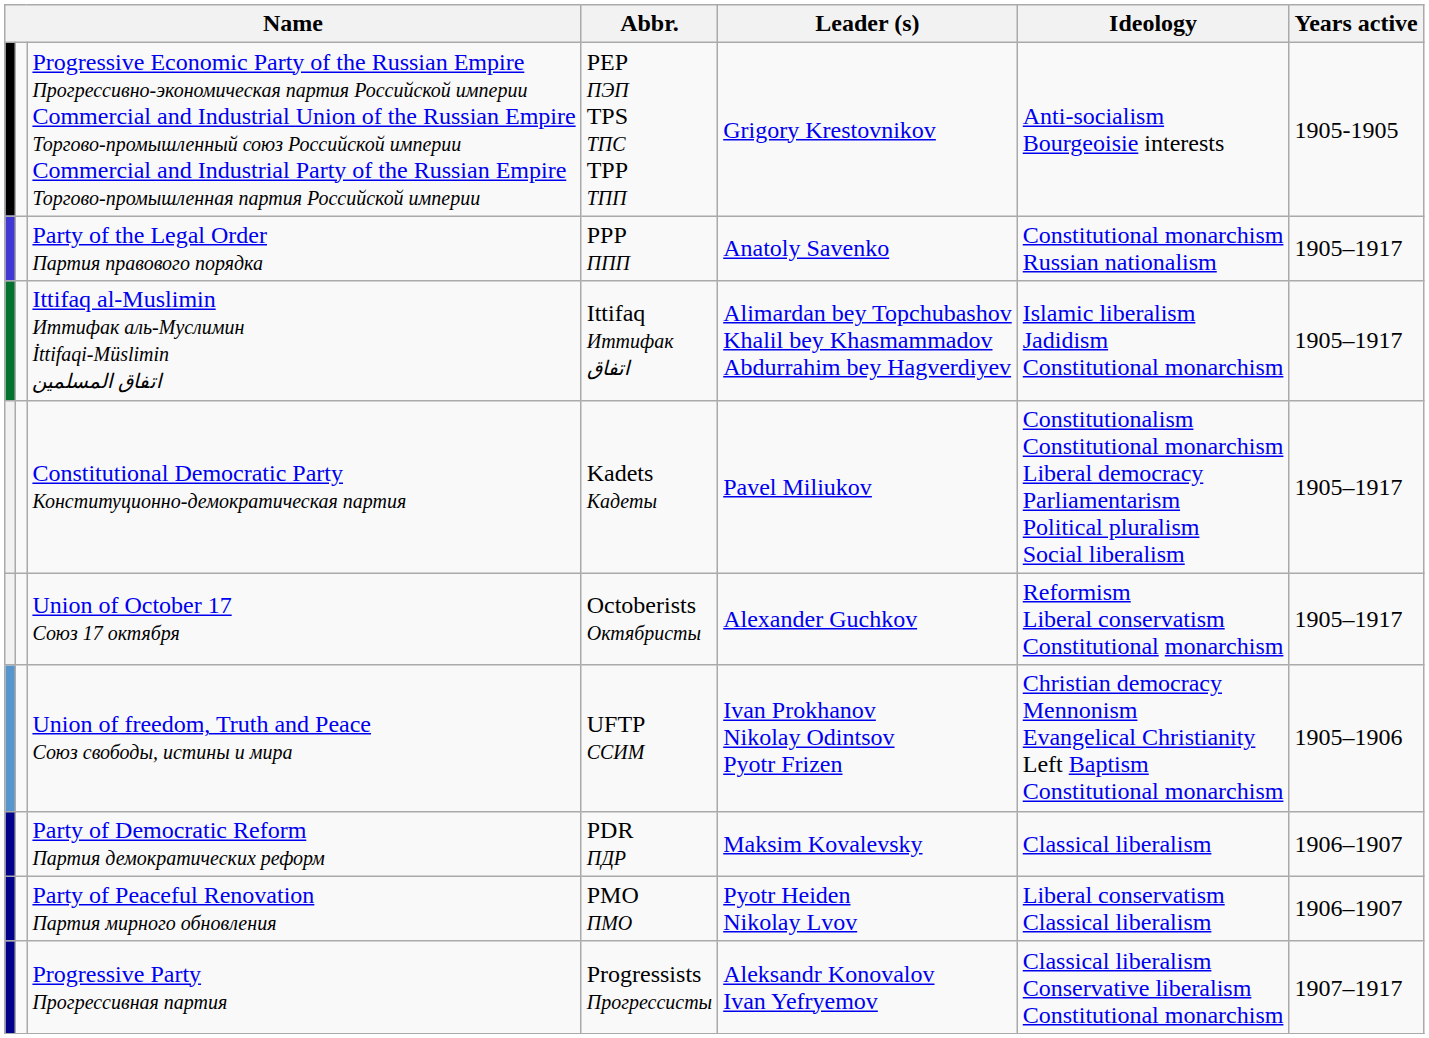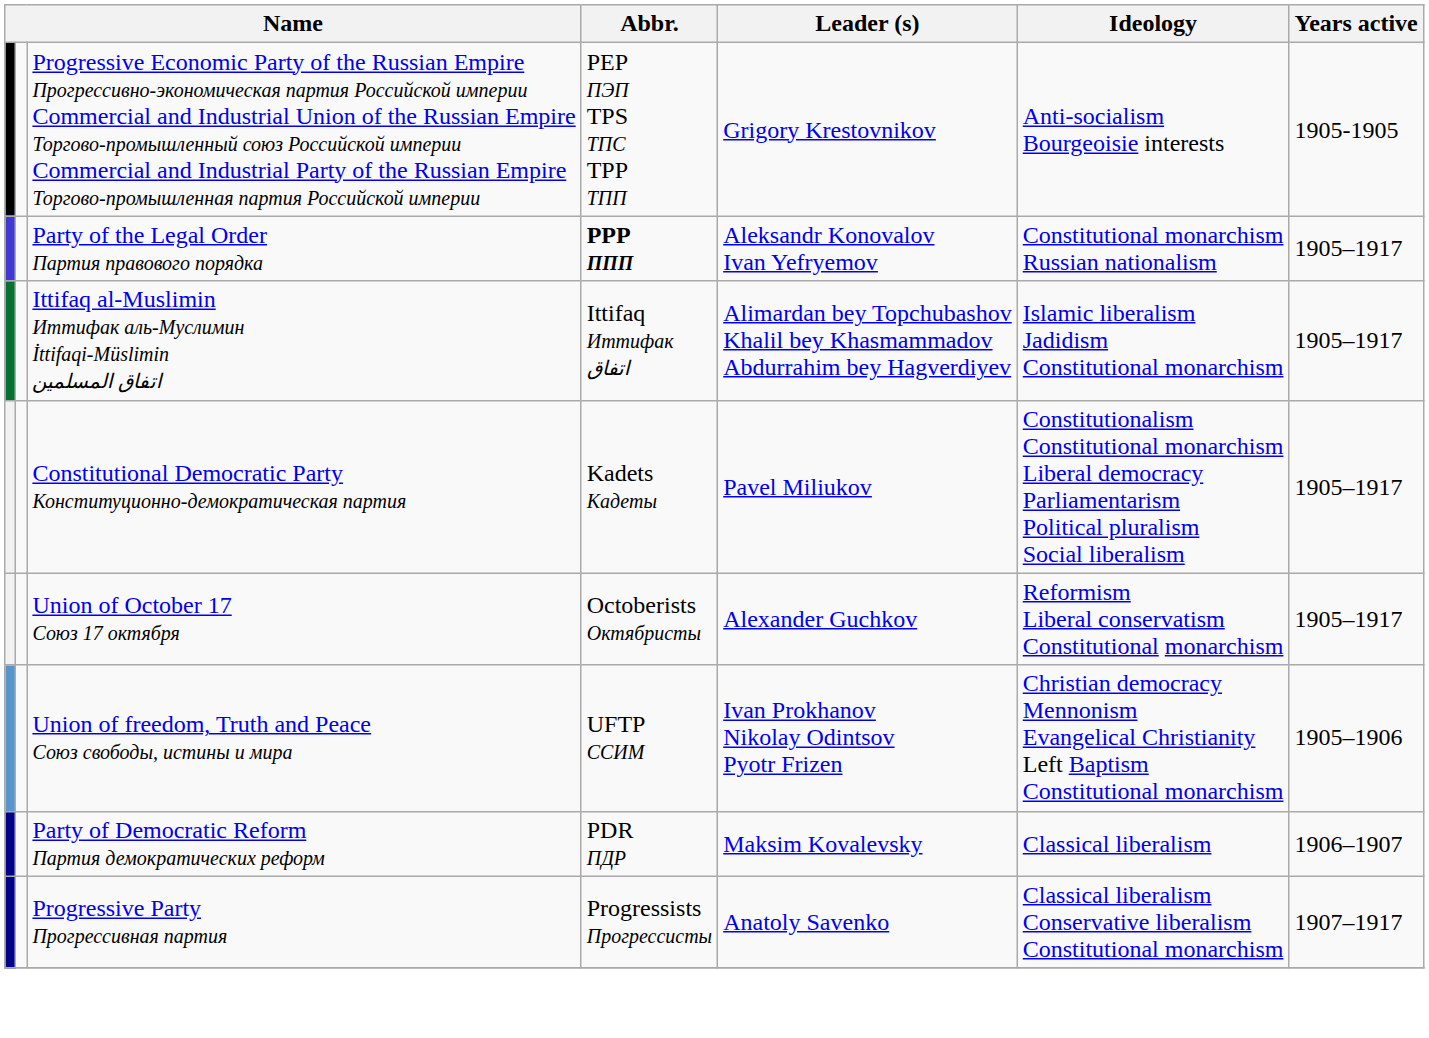 <table class="wikitable sortable">
 <tr>
 <th colspan=3>Name</th>
 <th>Abbr.</th>
 <th>Leader (s)</th>
 <th>Ideology</th>
 <th>Years active</th>
 </tr>
 <tr>
 <th style="background:#000000;"></th>
 <td></td>
 <td><a href='#'>Progressive Economic Party of the Russian Empire</a><br><small><em>Прогрессивно-экономическая партия Российской империи</em></small><br><a href='#'>Commercial and Industrial Union of the Russian Empire</a><br><small><em>Торгово-промышленный союз Российской империи</em></small><br><a href='#'>Commercial and Industrial Party of the Russian Empire</a><br><small><em>Торгово-промышленная партия Российской империи</em></small></td>
 <td>PEP<br><small><em>ПЭП</em></small><br>TPS<br><small><em>ТПС</em></small><br>TPP<br><small><em>ТПП</em></small></td>
 <td><a href='#'>Grigory Krestovnikov</a></td>
 <td><a href='#'>Anti-socialism</a><br><a href='#'>Bourgeoisie</a> interests</td>
 <td>1905-1905</td>
 </tr>
 <tr>
 <th style="background:#4137D3;"></th>
 <td></td>
 <td><a href='#'>Party of the Legal Order</a><br><small><em>Партия правового порядка</em></small></td>
-<td>PPP<br><small><em>ППП</em></small></td>
-<td><a href='#'>Anatoly Savenko</a></td>
+<td><strong>PPP<br><small><em>ППП</em></small></strong></td>
+<td><a href='#'>Aleksandr Konovalov</a><br><a href='#'>Ivan Yefryemov</a></td>
 <td><a href='#'>Constitutional monarchism</a><br><a href='#'>Russian nationalism</a></td>
 <td>1905–1917</td>
 </tr>
 <tr>
 <th style="background:#03722E;"></th>
 <td></td>
 <td><a href='#'>Ittifaq al-Muslimin</a><br><small><em>Иттифак аль-Муслимин<br>İttifaqi-Müslimin<br>اتفاق المسلمين</em></small></td>
 <td>Ittifaq<br><small><em>Иттифак<br>اتفاق</em></small></td>
 <td><a href='#'>Alimardan bey Topchubashov</a><br><a href='#'>Khalil bey Khasmammadov</a><br><a href='#'>Abdurrahim bey Hagverdiyev</a></td>
 <td><a href='#'>Islamic liberalism</a><br><a href='#'>Jadidism</a><br><a href='#'>Constitutional monarchism</a></td>
 <td>1905–1917</td>
 </tr>
 <tr>
 <th style="background:"></th>
 <td></td>
 <td><a href='#'>Constitutional Democratic Party</a><br><small><em>Конституционно-демократическая партия</em></small></td>
 <td>Kadets<br><small><em>Кадеты</em></small></td>
 <td><a href='#'>Pavel Miliukov</a></td>
 <td><a href='#'>Constitutionalism</a><br><a href='#'>Constitutional monarchism</a><br><a href='#'>Liberal democracy</a><br><a href='#'>Parliamentarism</a><br><a href='#'>Political pluralism</a><br><a href='#'>Social liberalism</a></td>
 <td>1905–1917</td>
 </tr>
 <tr>
 <th style="background:"></th>
 <td></td>
 <td><a href='#'>Union of October 17</a><br><small><em>Союз 17 октября</em></small></td>
 <td>Octoberists<br><small><em>Октябристы</em></small></td>
 <td><a href='#'>Alexander Guchkov</a></td>
 <td><a href='#'>Reformism</a><br><a href='#'>Liberal conservatism</a><br><a href='#'>Constitutional</a> <a href='#'>monarchism</a></td>
 <td>1905–1917</td>
 </tr>
 <tr>
 <th style="background:#5796CC;"></th>
 <td></td>
 <td><a href='#'>Union of freedom, Truth and Peace</a><br><small><em>Союз свободы, истины и мира</em></small></td>
 <td>UFTP<br><small><em>ССИМ</em></small></td>
 <td><a href='#'>Ivan Prokhanov</a><br><a href='#'>Nikolay Odintsov</a><br><a href='#'>Pyotr Frizen</a></td>
 <td><a href='#'>Christian democracy</a><br><a href='#'>Mennonism</a><br><a href='#'>Evangelical Christianity</a><br>Left <a href='#'>Baptism</a><br><a href='#'>Constitutional monarchism</a></td>
 <td>1905–1906</td>
 </tr>
 <tr>
 <th style="background:#00008B;"></th>
 <td></td>
 <td><a href='#'>Party of Democratic Reform</a><br><small><em>Партия демократических реформ</em></small></td>
 <td>PDR<br><small><em>ПДР</em></small></td>
 <td><a href='#'>Maksim Kovalevsky</a></td>
 <td><a href='#'>Classical liberalism</a></td>
 <td>1906–1907<br></td>
 </tr>
 <tr>
 <th style="background:#00008B;"></th>
 <td></td>
-<td><a href='#'>Party of Peaceful Renovation</a><br><small><em>Партия мирного обновления</em></small></td>
-<td>PMO<br><small><em>ПМО</em></small></td>
-<td><a href='#'>Pyotr Heiden</a><br><a href='#'>Nikolay Lvov</a></td>
-<td><a href='#'>Liberal conservatism</a><br><a href='#'>Classical liberalism</a></td>
-<td>1906–1907<br></td>
-</tr>
-<tr>
-<th style="background:#00008B;"></th>
-<td></td>
 <td><a href='#'>Progressive Party</a><br><small><em>Прогрессивная партия</em></small></td>
 <td>Progressists<br><small><em>Прогрессисты</em></small></td>
-<td><a href='#'>Aleksandr Konovalov</a><br><a href='#'>Ivan Yefryemov</a></td>
+<td><a href='#'>Anatoly Savenko</a></td>
 <td><a href='#'>Classical liberalism</a><br><a href='#'>Conservative liberalism</a><br><a href='#'>Constitutional monarchism</a></td>
 <td>1907–1917</td>
 </tr>
 <tr>
 </tr>
 </table>
